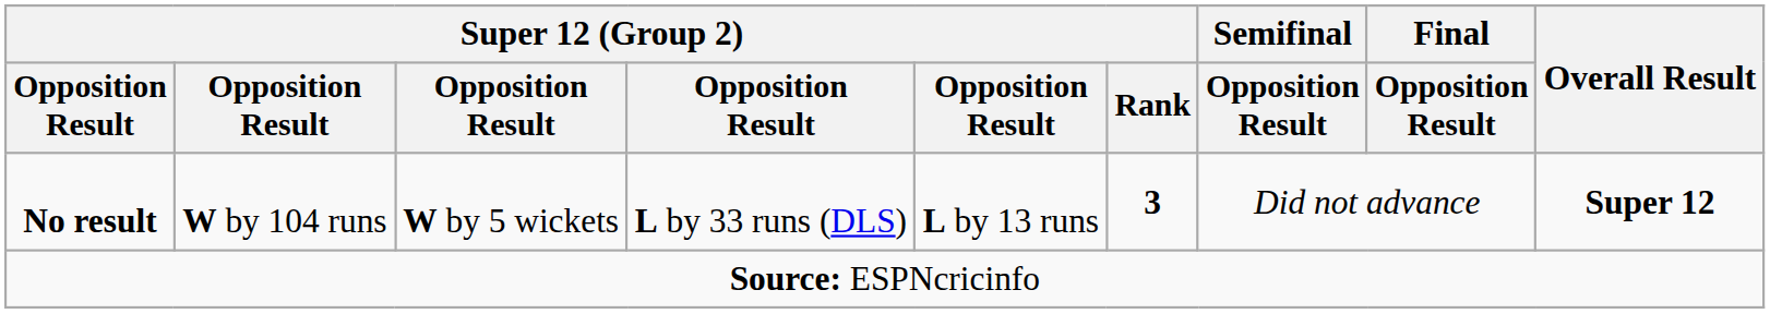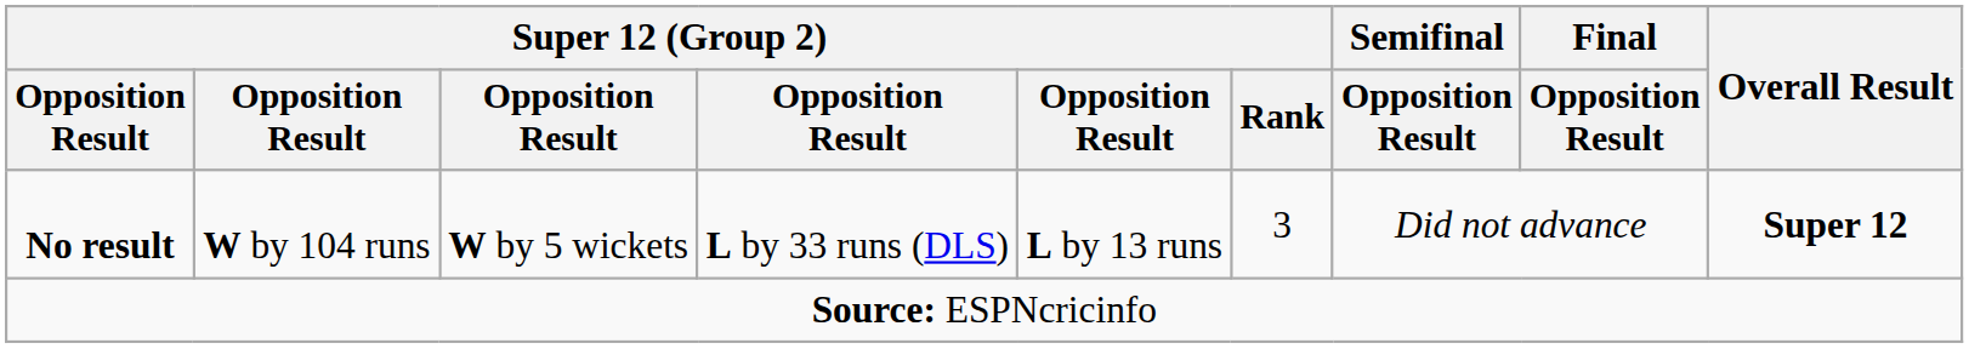 <table class=wikitable style=font-size:90%;text-align:center>
 <tr>
 <th colspan=6>Super 12 (Group 2)</th>
 <th>Semifinal</th>
 <th>Final</th>
 <th rowspan=2>Overall Result</th>
 </tr>
 <tr style=font-size:95%>
 <th>Opposition<br>Result</th>
 <th>Opposition<br>Result</th>
 <th>Opposition<br>Result</th>
 <th>Opposition<br>Result</th>
 <th>Opposition<br>Result</th>
 <th>Rank</th>
 <th>Opposition<br>Result</th>
 <th>Opposition<br>Result</th>
 </tr>
 <tr>
 <td><br><strong>No result</strong></td>
 <td><br><strong>W</strong> by 104 runs</td>
 <td><br><strong>W</strong> by 5 wickets</td>
 <td><br><strong>L</strong> by 33 runs (<a href='#'>DLS</a>)</td>
 <td><br><strong>L</strong> by 13 runs</td>
-<td><strong>3</strong></td>
+<td>3</td>
 <td colspan="2"><em>Did not advance</em></td>
 <td><strong>Super 12</strong></td>
 </tr>
 <tr>
 <td colspan="11"><strong>Source:</strong> ESPNcricinfo</td>
 </tr>
 </table>
